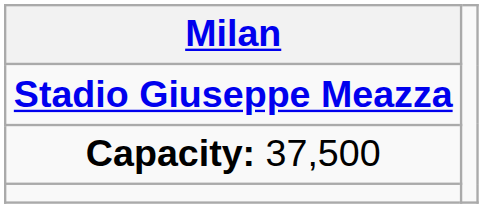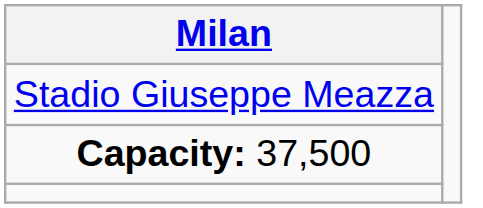 <table class="wikitable" style="text-align:center">
 <tr>
 <th><a href='#'>Milan</a></th>
 <td rowspan="4"></td>
 </tr>
 <tr>
-<td><strong><a href='#'>Stadio Giuseppe Meazza</a></strong></td>
+<td><a href='#'>Stadio Giuseppe Meazza</a></td>
 </tr>
 <tr>
 <td><strong>Capacity:</strong> 37,500</td>
 </tr>
 <tr>
 <td></td>
 </tr>
 </table>
